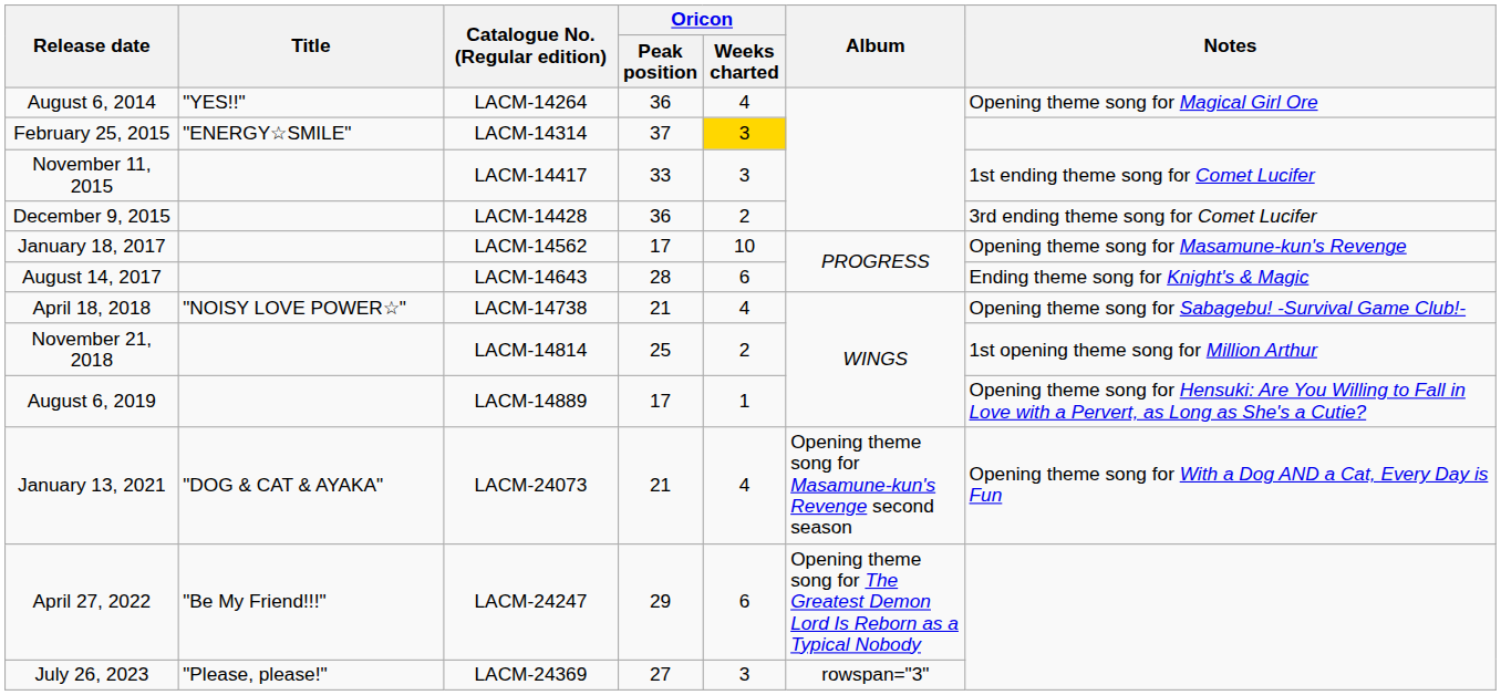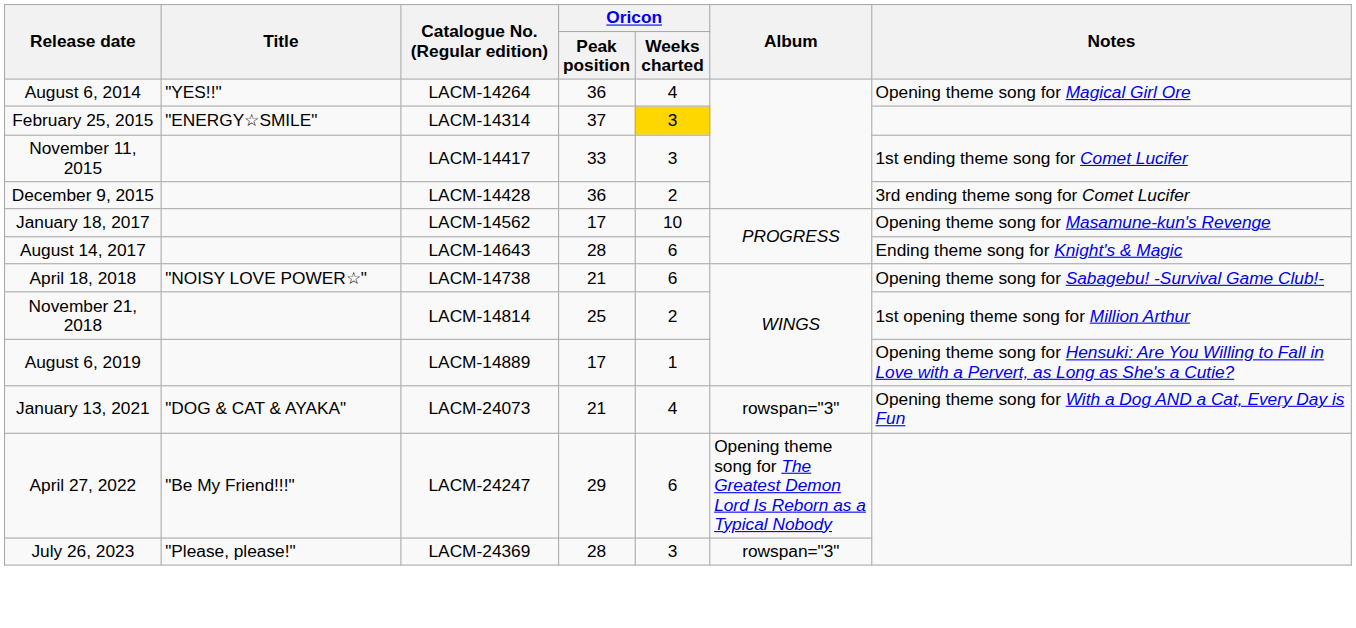 <table class="wikitable plainrowheaders" style="text-align:center">
 <tr>
 <th rowspan=2; style="width:10em;">Release date</th>
 <th rowspan=2; style="width:15em;">Title</th>
 <th rowspan=2; style="width:10em;">Catalogue No.<br>(Regular edition)</th>
 <th colspan=2; style="width:8em;"><a href='#'>Oricon</a></th>
 <th rowspan=2; style="width:10em;">Album</th>
 <th rowspan=2; style="width:35em;">Notes</th>
 </tr>
 <tr>
 <th style="width:4em;">Peak<br>position</th>
 <th style="width:4em;">Weeks<br>charted</th>
 </tr>
 <tr>
 <td>August 6, 2014</td>
 <td align=left>"YES!!"</td>
 <td>LACM-14264</td>
 <td>36</td>
 <td>4</td>
 <td rowspan="4"></td>
 <td align=left>Opening theme song for <em><a href='#'>Magical Girl Ore</a></em></td>
 </tr>
 <tr>
 <td>February 25, 2015</td>
 <td align=left>"ENERGY☆SMILE"</td>
 <td>LACM-14314</td>
 <td>37</td>
 <td style="background: gold;">3</td>
 <td></td>
 </tr>
 <tr>
 <td>November 11, 2015</td>
 <td align=left></td>
 <td>LACM-14417</td>
 <td>33</td>
 <td>3</td>
 <td align=left>1st ending theme song for <em><a href='#'>Comet Lucifer</a></em></td>
 </tr>
 <tr>
 <td>December 9, 2015</td>
 <td align=left></td>
 <td>LACM-14428</td>
 <td>36</td>
 <td>2</td>
 <td align=left>3rd ending theme song for <em>Comet Lucifer</em></td>
 </tr>
 <tr>
 <td>January 18, 2017</td>
 <td align=left></td>
 <td>LACM-14562</td>
 <td>17</td>
 <td>10</td>
 <td rowspan="2"><em>PROGRESS</em></td>
 <td align=left>Opening theme song for <em><a href='#'>Masamune-kun's Revenge</a></em></td>
 </tr>
 <tr>
 <td>August 14, 2017</td>
 <td align=left></td>
 <td>LACM-14643</td>
 <td>28</td>
 <td>6</td>
 <td align=left>Ending theme song for <em><a href='#'>Knight's & Magic</a></em></td>
 </tr>
 <tr>
 <td>April 18, 2018</td>
 <td align=left>"NOISY LOVE POWER☆"</td>
 <td>LACM-14738</td>
 <td>21</td>
-<td>4</td>
+<td>6</td>
 <td rowspan="3"><em>WINGS</em></td>
 <td align=left>Opening theme song for <em><a href='#'>Sabagebu! -Survival Game Club!-</a></em></td>
 </tr>
 <tr>
 <td>November 21, 2018</td>
 <td align=left></td>
 <td>LACM-14814</td>
 <td>25</td>
 <td>2</td>
 <td align=left>1st opening theme song for <em><a href='#'>Million Arthur</a></em></td>
 </tr>
 <tr>
 <td>August 6, 2019</td>
 <td align=left></td>
 <td>LACM-14889</td>
 <td>17</td>
 <td>1</td>
 <td align=left>Opening theme song for <em><a href='#'>Hensuki: Are You Willing to Fall in Love with a Pervert, as Long as She's a Cutie?</a></em></td>
 </tr>
 <tr>
 <td>January 13, 2021</td>
 <td align=left>"DOG & CAT & AYAKA"</td>
 <td>LACM-24073</td>
 <td>21</td>
 <td>4</td>
-<td align=left>Opening theme song for <em><a href='#'>Masamune-kun's Revenge</a></em> second season</td>
+<td>rowspan="3" </td>
 <td align=left>Opening theme song for <em><a href='#'>With a Dog AND a Cat, Every Day is Fun</a></em></td>
 </tr>
 <tr>
 <td>April 27, 2022</td>
 <td align=left>"Be My Friend!!!"</td>
 <td>LACM-24247</td>
 <td>29</td>
 <td>6</td>
 <td align=left>Opening theme song for <em><a href='#'>The Greatest Demon Lord Is Reborn as a Typical Nobody</a></em></td>
 </tr>
 <tr>
 <td>July 26, 2023</td>
 <td align=left>"Please, please!"</td>
 <td>LACM-24369</td>
-<td>27</td>
+<td>28</td>
 <td>3</td>
 <td>rowspan="3" </td>
 </tr>
 </table>
